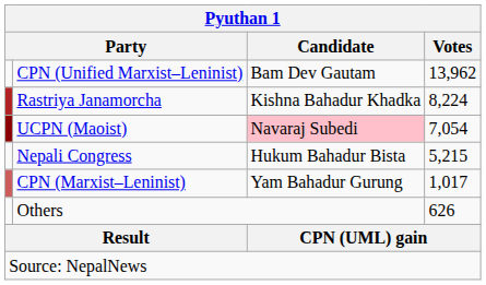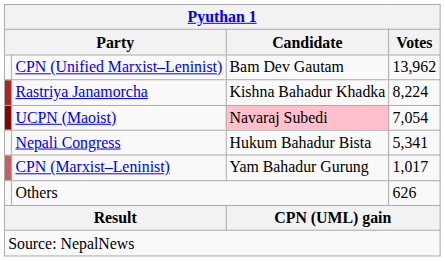 <table class="wikitable">
 <tr>
 <th colspan="4"><a href='#'>Pyuthan 1</a></th>
 </tr>
 <tr>
 <th colspan="2">Party</th>
 <th>Candidate</th>
 <th>Votes</th>
 </tr>
 <tr>
 <td style="background-color:"></td>
 <td><a href='#'>CPN (Unified Marxist–Leninist)</a></td>
 <td>Bam Dev Gautam</td>
 <td>13,962</td>
 </tr>
 <tr>
 <td style="background-color:firebrick"></td>
 <td><a href='#'>Rastriya Janamorcha</a></td>
 <td>Kishna Bahadur Khadka</td>
 <td>8,224</td>
 </tr>
 <tr>
 <td style="background-color:darkred"></td>
 <td><a href='#'>UCPN (Maoist)</a></td>
 <td style="background: pink;">Navaraj Subedi</td>
 <td>7,054</td>
 </tr>
 <tr>
 <td style="background-color:"></td>
 <td><a href='#'>Nepali Congress</a></td>
 <td>Hukum Bahadur Bista</td>
-<td>5,215</td>
+<td>5,341</td>
 </tr>
 <tr>
 <td style="background-color:indianred"></td>
 <td><a href='#'>CPN (Marxist–Leninist)</a></td>
 <td>Yam Bahadur Gurung</td>
 <td>1,017</td>
 </tr>
 <tr>
 <td></td>
 <td colspan="2">Others</td>
 <td>626</td>
 </tr>
 <tr>
 <th colspan="2">Result</th>
 <th colspan="2">CPN (UML) gain</th>
 </tr>
 <tr>
 <td colspan="4">Source: NepalNews</td>
 </tr>
 </table>
